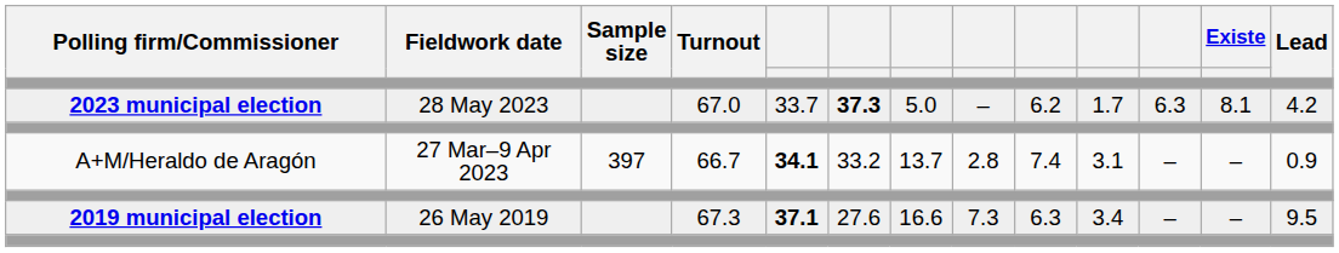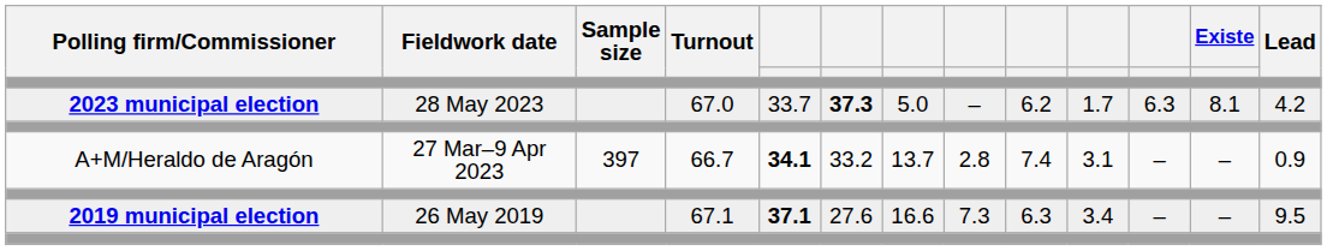 <table class="wikitable collapsible collapsed" style="text-align:center; font-size:95%; line-height:16px;">
 <tr style="height:42px;">
 <th style="width:250px;" rowspan="2">Polling firm/Commissioner</th>
 <th style="width:125px;" rowspan="2">Fieldwork date</th>
 <th style="width:50px;" rowspan="2">Sample size</th>
 <th style="width:45px;" rowspan="2">Turnout</th>
 <th style="width:35px;"></th>
 <th style="width:35px;"></th>
 <th style="width:35px;"></th>
 <th style="width:35px;"></th>
 <th style="width:35px;"></th>
 <th style="width:35px;"></th>
 <th style="width:35px;"></th>
 <th style="width:35px; font-size:90%;"><a href='#'>Existe</a></th>
 <th style="width:30px;" rowspan="2">Lead</th>
 </tr>
 <tr>
 <th style="color:inherit;background:"></th>
 <th style="color:inherit;background:"></th>
 <th style="color:inherit;background:"></th>
 <th style="color:inherit;background:"></th>
 <th style="color:inherit;background:"></th>
 <th style="color:inherit;background:"></th>
 <th style="color:inherit;background:"></th>
 <th style="color:inherit;background:"></th>
 </tr>
 <tr>
 <td colspan="13" style="background:#A0A0A0"></td>
 </tr>
 <tr style="background:#EFEFEF;">
 <td><strong><a href='#'>2023 municipal election</a></strong></td>
 <td>28 May 2023</td>
 <td></td>
 <td>67.0</td>
 <td>33.7<br></td>
 <td><strong>37.3</strong><br></td>
 <td>5.0<br></td>
 <td>–</td>
 <td>6.2<br></td>
 <td>1.7<br></td>
 <td>6.3<br></td>
 <td>8.1<br></td>
 <td style="background:">4.2</td>
 </tr>
 <tr>
 <td colspan="13" style="background:#A0A0A0"></td>
 </tr>
 <tr>
 <td>A+M/Heraldo de Aragón</td>
 <td>27 Mar–9 Apr 2023</td>
 <td>397</td>
 <td>66.7</td>
 <td><strong>34.1</strong><br></td>
 <td>33.2<br></td>
 <td>13.7<br></td>
 <td>2.8<br></td>
 <td>7.4<br></td>
 <td>3.1<br></td>
 <td>–</td>
 <td>–</td>
 <td style="background:">0.9</td>
 </tr>
 <tr>
 <td colspan="13" style="background:#A0A0A0"></td>
 </tr>
 <tr style="background:#EFEFEF;">
 <td><strong><a href='#'>2019 municipal election</a></strong></td>
 <td>26 May 2019</td>
 <td></td>
-<td>67.3</td>
+<td>67.1</td>
 <td><strong>37.1</strong><br></td>
 <td>27.6<br></td>
 <td>16.6<br></td>
 <td>7.3<br></td>
 <td>6.3<br></td>
 <td>3.4<br></td>
 <td>–</td>
 <td>–</td>
 <td style="background:">9.5</td>
 </tr>
 <tr>
 <td colspan="13" style="background:#A0A0A0"></td>
 </tr>
 </table>
